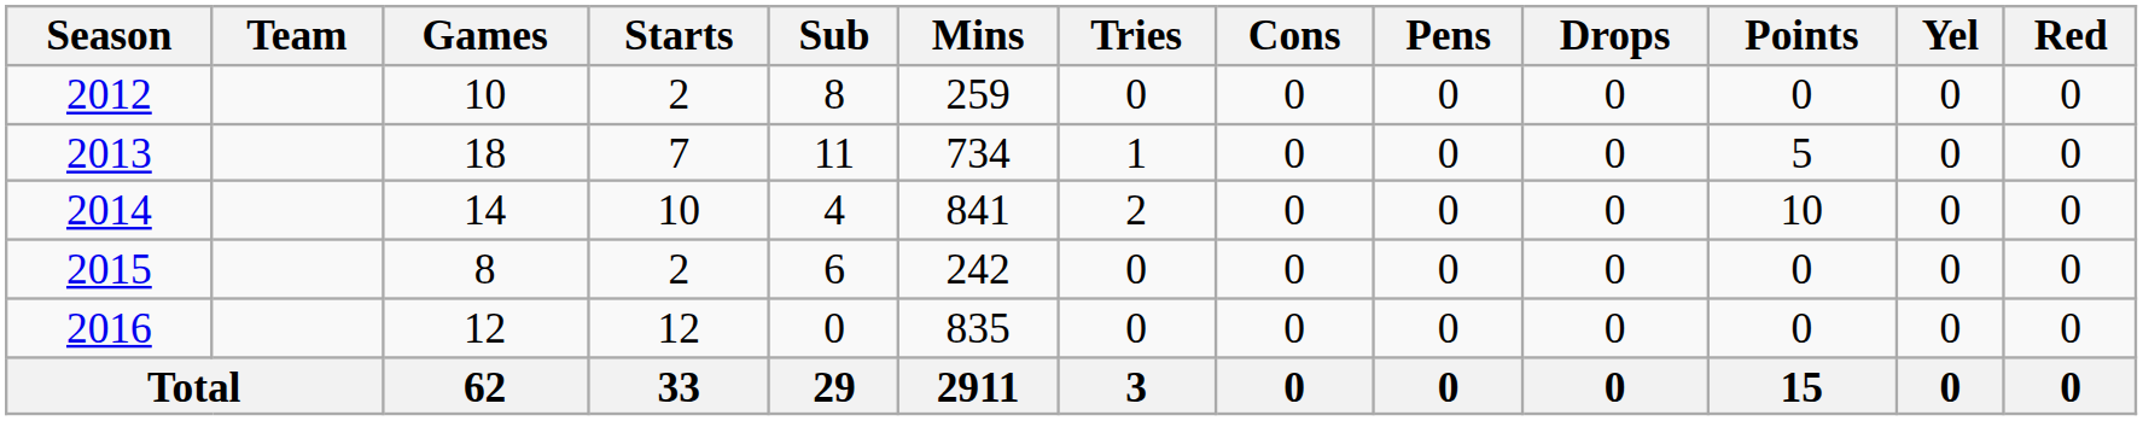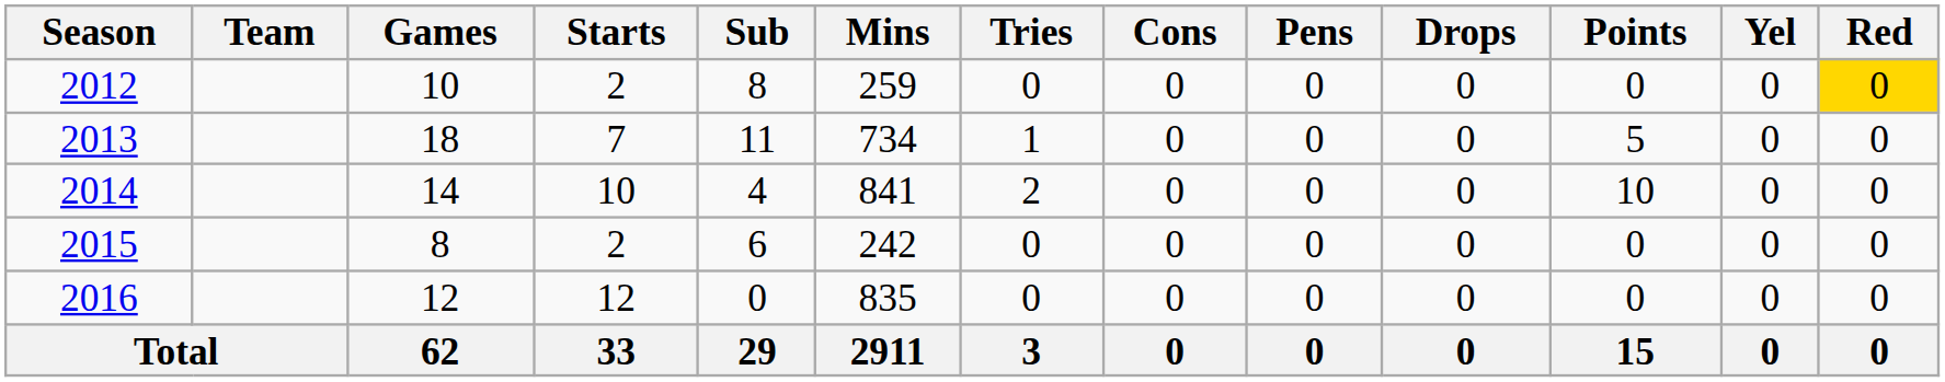 <table class="wikitable" style="text-align:center; line-height:90%; font-size:95%; width:60%;">
 <tr>
 <th>Season</th>
 <th>Team</th>
 <th>Games</th>
 <th>Starts</th>
 <th>Sub</th>
 <th>Mins</th>
 <th>Tries</th>
 <th>Cons</th>
 <th>Pens</th>
 <th>Drops</th>
 <th>Points</th>
 <th>Yel</th>
 <th>Red</th>
 </tr>
 <tr>
 <td><a href='#'>2012</a></td>
 <td></td>
 <td>10</td>
 <td>2</td>
 <td>8</td>
 <td>259</td>
 <td>0</td>
 <td>0</td>
 <td>0</td>
 <td>0</td>
 <td>0</td>
 <td>0</td>
-<td>0</td>
+<td style="background: gold;">0</td>
 </tr>
 <tr>
 <td><a href='#'>2013</a></td>
 <td></td>
 <td>18</td>
 <td>7</td>
 <td>11</td>
 <td>734</td>
 <td>1</td>
 <td>0</td>
 <td>0</td>
 <td>0</td>
 <td>5</td>
 <td>0</td>
 <td>0</td>
 </tr>
 <tr>
 <td><a href='#'>2014</a></td>
 <td></td>
 <td>14</td>
 <td>10</td>
 <td>4</td>
 <td>841</td>
 <td>2</td>
 <td>0</td>
 <td>0</td>
 <td>0</td>
 <td>10</td>
 <td>0</td>
 <td>0</td>
 </tr>
 <tr>
 <td><a href='#'>2015</a></td>
 <td></td>
 <td>8</td>
 <td>2</td>
 <td>6</td>
 <td>242</td>
 <td>0</td>
 <td>0</td>
 <td>0</td>
 <td>0</td>
 <td>0</td>
 <td>0</td>
 <td>0</td>
 </tr>
 <tr>
 <td><a href='#'>2016</a></td>
 <td></td>
 <td>12</td>
 <td>12</td>
 <td>0</td>
 <td>835</td>
 <td>0</td>
 <td>0</td>
 <td>0</td>
 <td>0</td>
 <td>0</td>
 <td>0</td>
 <td>0</td>
 </tr>
 <tr>
 <th colspan="2">Total</th>
 <th>62</th>
 <th>33</th>
 <th>29</th>
 <th>2911</th>
 <th>3</th>
 <th>0</th>
 <th>0</th>
 <th>0</th>
 <th>15</th>
 <th>0</th>
 <th>0</th>
 </tr>
 </table>
